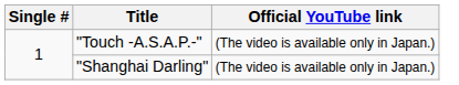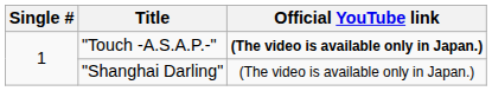 <table class="wikitable">
 <tr>
 <th>Single #</th>
 <th>Title</th>
 <th>Official <a href='#'>YouTube</a> link</th>
 </tr>
 <tr>
 <td rowspan="2" align="center">1</td>
 <td>"Touch -A.S.A.P.-"</td>
-<td align="center"> <small>(The video is available only in Japan.)</small></td>
+<td align="center"><strong> <small>(The video is available only in Japan.)</small></strong></td>
 </tr>
 <tr>
 <td>"Shanghai Darling"</td>
 <td align="center"> <small>(The video is available only in Japan.)</small></td>
 </tr>
 </table>
